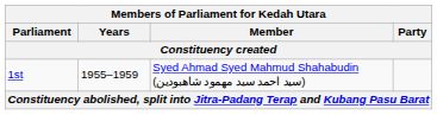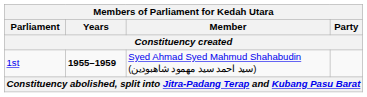 <table class="wikitable">
 <tr>
 <th colspan="4">Members of Parliament for Kedah Utara</th>
 </tr>
 <tr>
 <th>Parliament</th>
 <th>Years</th>
 <th>Member</th>
 <th>Party</th>
 </tr>
 <tr>
 <th colspan="4"><em>Constituency created</em></th>
 </tr>
 <tr>
 <td><a href='#'>1st</a></td>
-<td>1955–1959</td>
+<td><strong>1955–1959</strong></td>
 <td><a href='#'>Syed Ahmad Syed Mahmud Shahabudin</a>  <br> (سيد احمد سيد مهمود شاهبودين)</td>
 <td></td>
 </tr>
 <tr>
 <th colspan="4"><em>Constituency abolished, split into <a href='#'>Jitra-Padang Terap</a> and <a href='#'>Kubang Pasu Barat</a></em></th>
 </tr>
 </table>
